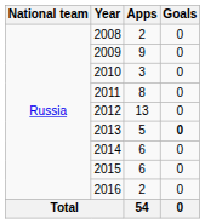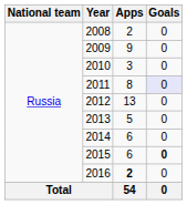 <table class="wikitable" style="text-align:center">
 <tr>
 <th>National team</th>
 <th>Year</th>
 <th>Apps</th>
 <th>Goals</th>
 </tr>
 <tr>
 <td rowspan="9"><a href='#'>Russia</a></td>
 <td>2008</td>
 <td>2</td>
 <td>0</td>
 </tr>
 <tr>
 <td>2009</td>
 <td>9</td>
 <td>0</td>
 </tr>
 <tr>
 <td>2010</td>
 <td>3</td>
 <td>0</td>
 </tr>
 <tr>
 <td>2011</td>
 <td>8</td>
-<td>0</td>
+<td style="background: lavender;">0</td>
 </tr>
 <tr>
 <td>2012</td>
 <td>13</td>
 <td>0</td>
 </tr>
 <tr>
 <td>2013</td>
 <td>5</td>
-<td><strong>0</strong></td>
+<td>0</td>
 </tr>
 <tr>
 <td>2014</td>
 <td>6</td>
 <td>0</td>
 </tr>
 <tr>
 <td>2015</td>
 <td>6</td>
-<td>0</td>
+<td><strong>0</strong></td>
 </tr>
 <tr>
 <td>2016</td>
-<td>2</td>
+<td><strong>2</strong></td>
 <td>0</td>
 </tr>
 <tr>
 <th colspan="2">Total</th>
 <th>54</th>
 <th>0</th>
 </tr>
 </table>
